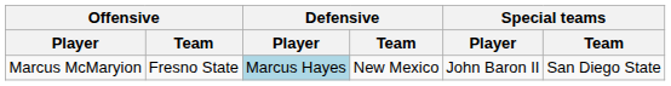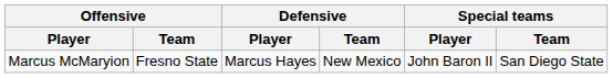 <table class="wikitable">
 <tr>
 <th colspan="2">Offensive</th>
 <th colspan="2">Defensive</th>
 <th colspan="2">Special teams</th>
 </tr>
 <tr>
 <th>Player</th>
 <th>Team</th>
 <th>Player</th>
 <th>Team</th>
 <th>Player</th>
 <th>Team</th>
 </tr>
 <tr>
 <td>Marcus McMaryion</td>
 <td>Fresno State</td>
-<td style="background: lightblue;">Marcus Hayes</td>
+<td>Marcus Hayes</td>
 <td>New Mexico</td>
 <td>John Baron II</td>
 <td>San Diego State</td>
 </tr>
 </table>
